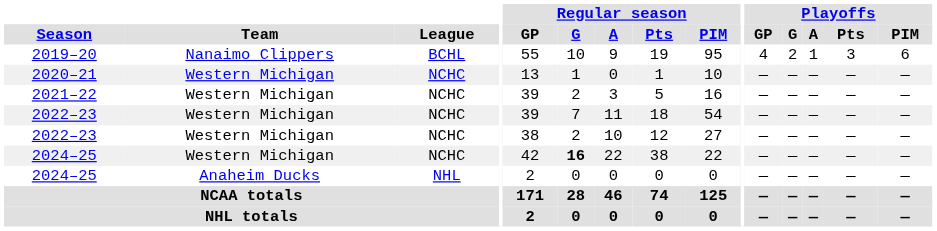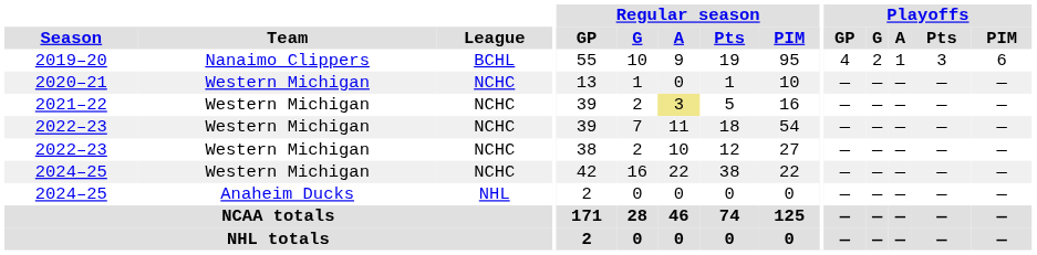 <table border="0" cellpadding="1" cellspacing="0" style="text-align:center; width:60em;">
 <tr bgcolor="#e0e0e0">
 <th colspan="3" bgcolor="#ffffff"></th>
 <th rowspan="100" bgcolor="#ffffff"></th>
 <th colspan="5"><a href='#'>Regular season</a></th>
 <th rowspan="100" bgcolor="#ffffff"></th>
 <th colspan="5"><a href='#'>Playoffs</a></th>
 </tr>
 <tr bgcolor="#e0e0e0">
 <th><a href='#'>Season</a></th>
 <th>Team</th>
 <th>League</th>
 <th>GP</th>
 <th><a href='#'>G</a></th>
 <th><a href='#'>A</a></th>
 <th><a href='#'>Pts</a></th>
 <th><a href='#'>PIM</a></th>
 <th>GP</th>
 <th>G</th>
 <th>A</th>
 <th>Pts</th>
 <th>PIM</th>
 </tr>
 <tr>
 <td><a href='#'>2019–20</a></td>
 <td><a href='#'>Nanaimo Clippers</a></td>
 <td><a href='#'>BCHL</a></td>
 <td>55</td>
 <td>10</td>
 <td>9</td>
 <td>19</td>
 <td>95</td>
 <td>4</td>
 <td>2</td>
 <td>1</td>
 <td>3</td>
 <td>6</td>
 </tr>
 <tr bgcolor="#f0f0f0">
 <td><a href='#'>2020–21</a></td>
 <td><a href='#'>Western Michigan</a></td>
 <td><a href='#'>NCHC</a></td>
 <td>13</td>
 <td>1</td>
 <td>0</td>
 <td>1</td>
 <td>10</td>
 <td>—</td>
 <td>—</td>
 <td>—</td>
 <td>—</td>
 <td>—</td>
 </tr>
 <tr>
 <td><a href='#'>2021–22</a></td>
 <td>Western Michigan</td>
 <td>NCHC</td>
 <td>39</td>
 <td>2</td>
-<td>3</td>
+<td style="background: khaki;">3</td>
 <td>5</td>
 <td>16</td>
 <td>—</td>
 <td>—</td>
 <td>—</td>
 <td>—</td>
 <td>—</td>
 </tr>
 <tr bgcolor="#f0f0f0">
 <td><a href='#'>2022–23</a></td>
 <td>Western Michigan</td>
 <td>NCHC</td>
 <td>39</td>
 <td>7</td>
 <td>11</td>
 <td>18</td>
 <td>54</td>
 <td>—</td>
 <td>—</td>
 <td>—</td>
 <td>—</td>
 <td>—</td>
 </tr>
 <tr>
 <td><a href='#'>2022–23</a></td>
 <td>Western Michigan</td>
 <td>NCHC</td>
 <td>38</td>
 <td>2</td>
 <td>10</td>
 <td>12</td>
 <td>27</td>
 <td>—</td>
 <td>—</td>
 <td>—</td>
 <td>—</td>
 <td>—</td>
 </tr>
 <tr bgcolor="#f0f0f0">
 <td><a href='#'>2024–25</a></td>
 <td>Western Michigan</td>
 <td>NCHC</td>
 <td>42</td>
-<td><strong>16</strong></td>
+<td>16</td>
 <td>22</td>
 <td>38</td>
 <td>22</td>
 <td>—</td>
 <td>—</td>
 <td>—</td>
 <td>—</td>
 <td>—</td>
 </tr>
 <tr>
 <td><a href='#'>2024–25</a></td>
 <td><a href='#'>Anaheim Ducks</a></td>
 <td><a href='#'>NHL</a></td>
 <td>2</td>
 <td>0</td>
 <td>0</td>
 <td>0</td>
 <td>0</td>
 <td>—</td>
 <td>—</td>
 <td>—</td>
 <td>—</td>
 <td>—</td>
 </tr>
 <tr bgcolor="#e0e0e0">
 <th colspan="3">NCAA totals</th>
 <th>171</th>
 <th>28</th>
 <th>46</th>
 <th>74</th>
 <th>125</th>
 <th>—</th>
 <th>—</th>
 <th>—</th>
 <th>—</th>
 <th>—</th>
 </tr>
 <tr bgcolor="#e0e0e0">
 <th colspan="3">NHL totals</th>
 <th>2</th>
 <th>0</th>
 <th>0</th>
 <th>0</th>
 <th>0</th>
 <th>—</th>
 <th>—</th>
 <th>—</th>
 <th>—</th>
 <th>—</th>
 </tr>
 </table>
